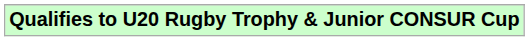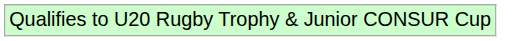 <table class="wikitable">
 <tr>
 </tr>
 <tr width=10px bgcolor=ccffcc>
-<td><strong>Qualifies to U20 Rugby Trophy & Junior CONSUR Cup</strong></td>
+<td>Qualifies to U20 Rugby Trophy & Junior CONSUR Cup</td>
 </tr>
 </table>
